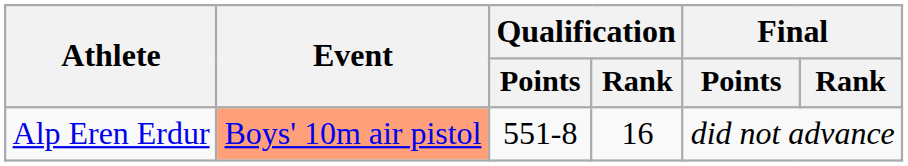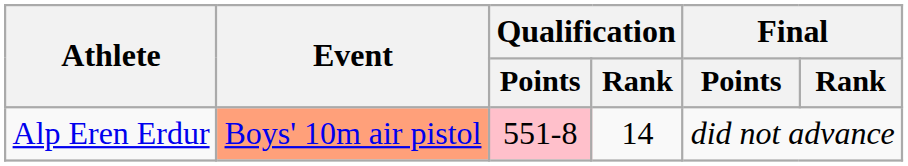 <table class="wikitable" style="text-align:center;font-size:90%">
 <tr>
 <th rowspan=2>Athlete</th>
 <th rowspan=2>Event</th>
 <th colspan=2>Qualification</th>
 <th colspan=2>Final</th>
 </tr>
 <tr style="font-size:95%">
 <th>Points</th>
 <th>Rank</th>
 <th>Points</th>
 <th>Rank</th>
 </tr>
 <tr>
 <td align=left><a href='#'>Alp Eren Erdur</a></td>
 <td align=left style="background: lightsalmon;"><a href='#'>Boys' 10m air pistol</a></td>
-<td>551-8</td>
-<td>16</td>
+<td style="background: pink;">551-8</td>
+<td>14</td>
 <td Colspan=2><em>did not advance</em></td>
 </tr>
 </table>
